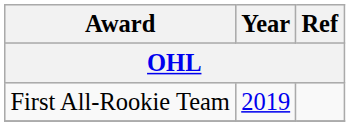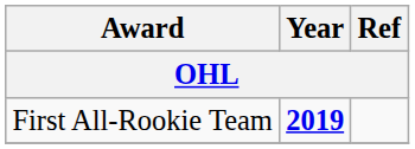 <table class="wikitable">
 <tr>
 <th>Award</th>
 <th>Year</th>
 <th>Ref</th>
 </tr>
 <tr>
 <th colspan="3"><a href='#'>OHL</a></th>
 </tr>
 <tr>
 <td>First All-Rookie Team</td>
-<td><a href='#'>2019</a></td>
+<td><strong><a href='#'>2019</a></strong></td>
 <td></td>
 </tr>
 <tr>
 </tr>
 </table>
